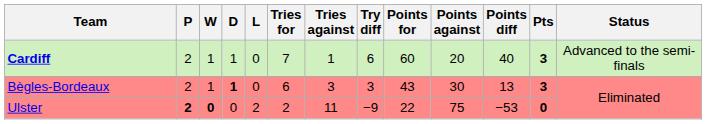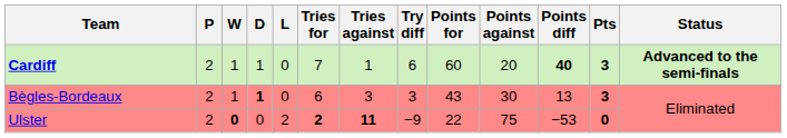 <table class="wikitable" style="text-align: center">
 <tr>
 <th width="200">Team</th>
 <th width="20">P</th>
 <th width="20">W</th>
 <th width="20">D</th>
 <th width="20">L</th>
 <th width="20">Tries for</th>
 <th width="20">Tries against</th>
 <th width="20">Try diff</th>
 <th width="20">Points for</th>
 <th width="20">Points against</th>
 <th width="25">Points diff</th>
 <th width="20">Pts</th>
 <th width="167">Status</th>
 </tr>
 <tr bgcolor="#D0F0C0">
 <td align="left"> <strong><a href='#'>Cardiff</a></strong></td>
 <td>2</td>
 <td>1</td>
 <td>1</td>
 <td>0</td>
 <td>7</td>
 <td>1</td>
 <td>6</td>
 <td>60</td>
 <td>20</td>
-<td>40</td>
+<td><strong>40</strong></td>
 <td><strong>3</strong></td>
-<td>Advanced to the semi-finals</td>
+<td><strong>Advanced to the semi-finals</strong></td>
 </tr>
 <tr bgcolor=#FF8888>
 <td align="left"> <a href='#'>Bègles-Bordeaux</a></td>
 <td>2</td>
 <td>1</td>
 <td><strong>1</strong></td>
 <td>0</td>
 <td>6</td>
 <td>3</td>
 <td>3</td>
 <td>43</td>
 <td>30</td>
 <td>13</td>
 <td><strong>3</strong></td>
 <td rowspan=2>Eliminated</td>
 </tr>
 <tr bgcolor=#FF8888>
 <td align="left"> <a href='#'>Ulster</a></td>
-<td><strong>2</strong></td>
+<td>2</td>
 <td><strong>0</strong></td>
 <td>0</td>
 <td>2</td>
-<td>2</td>
-<td>11</td>
+<td><strong>2</strong></td>
+<td><strong>11</strong></td>
 <td>−9</td>
 <td>22</td>
 <td>75</td>
 <td>−53</td>
 <td><strong>0</strong></td>
 </tr>
 </table>
